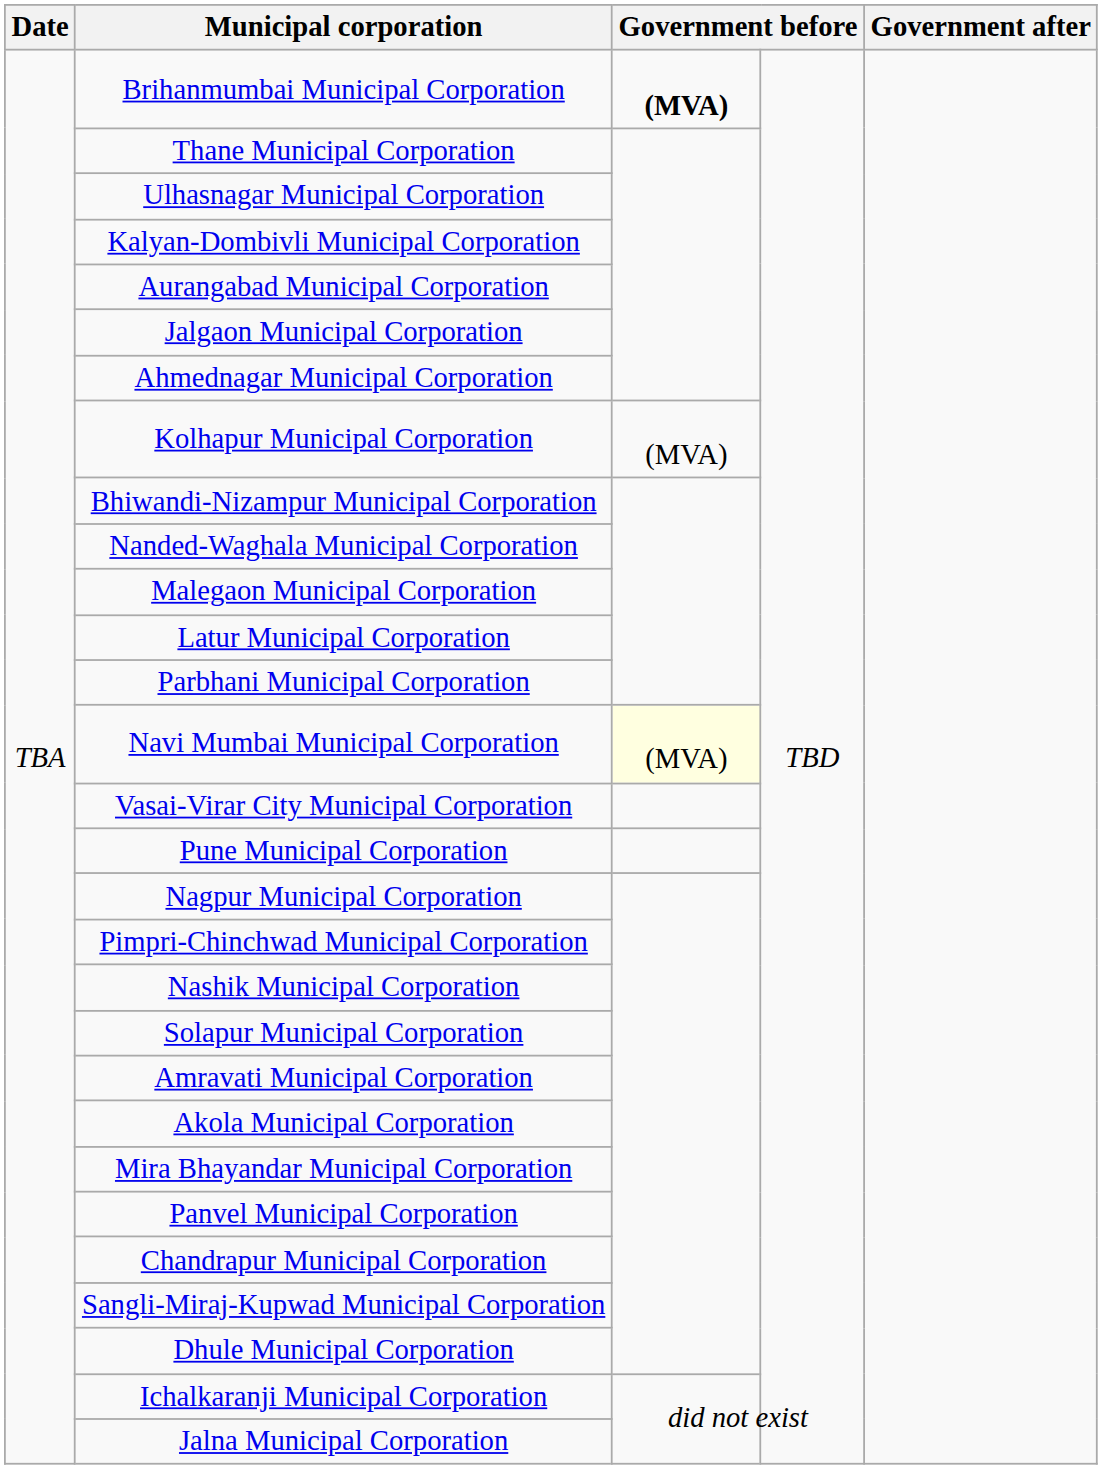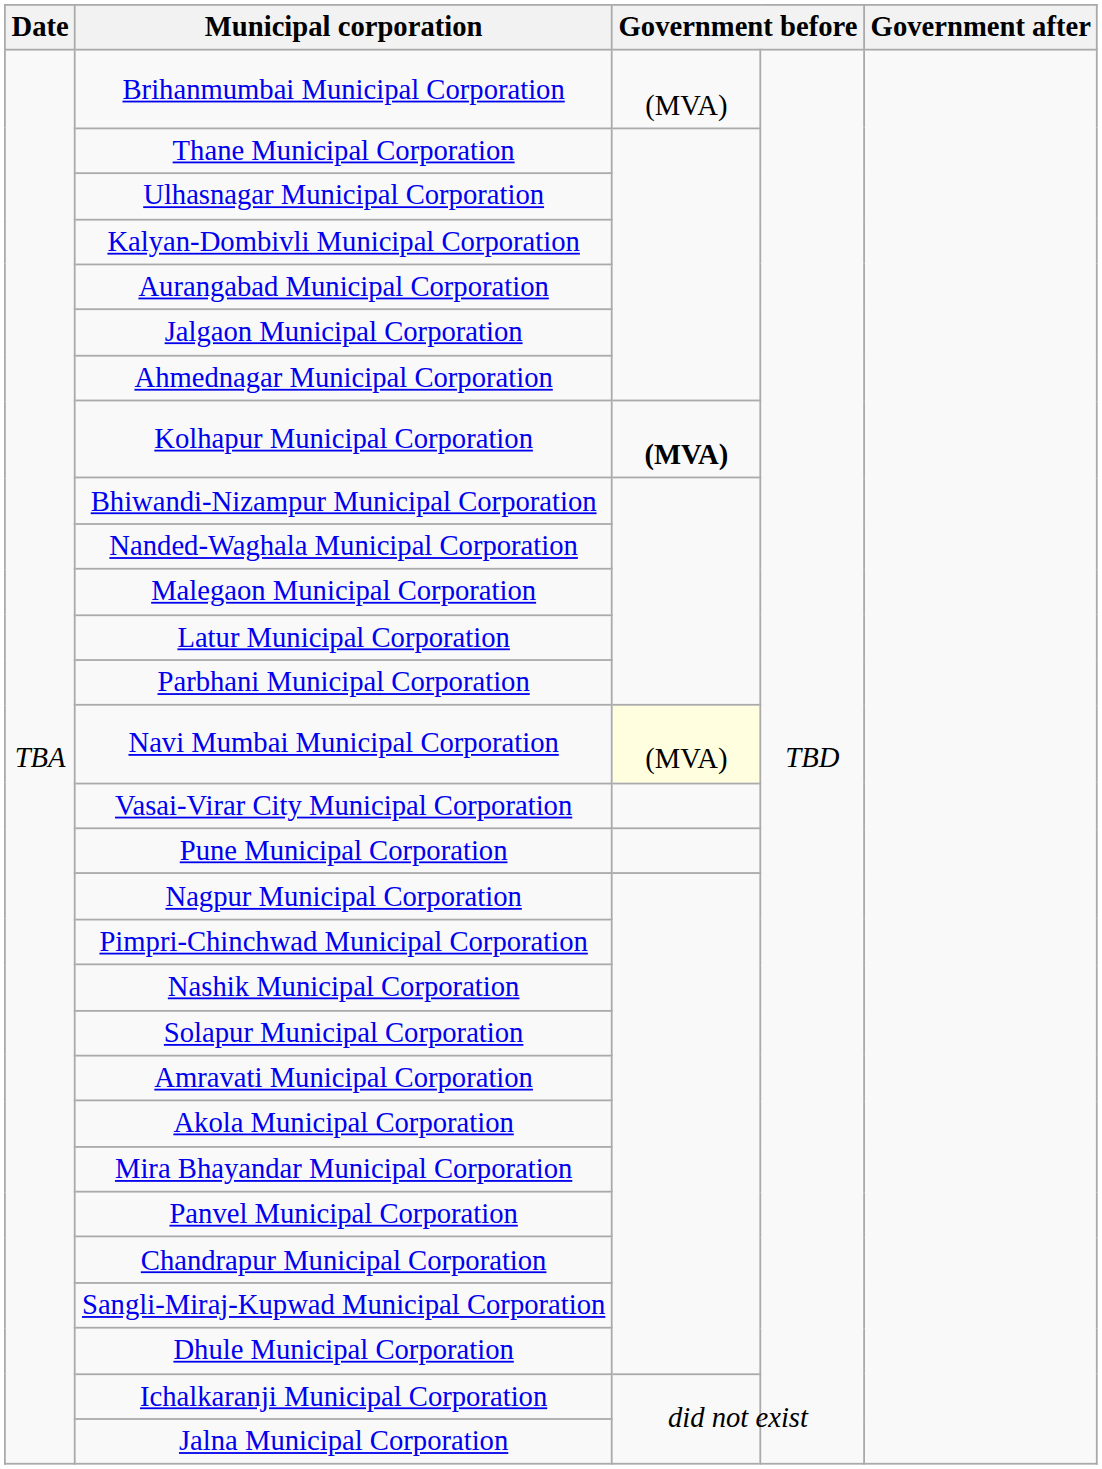 <table class="wikitable sortable"style="text-align:center;">
 <tr>
 <th>Date</th>
 <th>Municipal corporation</th>
 <th colspan=2>Government before</th>
 <th>Government after</th>
 </tr>
 <tr>
 <td rowspan="29"><em>TBA</em></td>
 <td><a href='#'>Brihanmumbai Municipal Corporation</a></td>
-<td><strong><br>(MVA)</strong></td>
+<td><br>(MVA)</td>
 <td rowspan="29"><em>TBD</em></td>
 </tr>
 <tr>
 <td><a href='#'>Thane Municipal Corporation</a></td>
 </tr>
 <tr>
 <td><a href='#'>Ulhasnagar Municipal Corporation</a></td>
 </tr>
 <tr>
 <td><a href='#'>Kalyan-Dombivli Municipal Corporation</a></td>
 </tr>
 <tr>
 <td><a href='#'>Aurangabad Municipal Corporation</a></td>
 </tr>
 <tr>
 <td><a href='#'>Jalgaon Municipal Corporation</a></td>
 </tr>
 <tr>
 <td><a href='#'>Ahmednagar Municipal Corporation</a></td>
 </tr>
 <tr>
 <td><a href='#'>Kolhapur Municipal Corporation</a></td>
-<td><br>(MVA)</td>
+<td><strong><br>(MVA)</strong></td>
 </tr>
 <tr>
 <td><a href='#'>Bhiwandi-Nizampur Municipal Corporation</a></td>
 </tr>
 <tr>
 <td><a href='#'>Nanded-Waghala Municipal Corporation</a></td>
 </tr>
 <tr>
 <td><a href='#'>Malegaon Municipal Corporation</a></td>
 </tr>
 <tr>
 <td><a href='#'>Latur Municipal Corporation</a></td>
 </tr>
 <tr>
 <td><a href='#'>Parbhani Municipal Corporation</a></td>
 </tr>
 <tr>
 <td><a href='#'>Navi Mumbai Municipal Corporation</a></td>
 <td style="background: lightyellow;"><br>(MVA)</td>
 </tr>
 <tr>
 <td><a href='#'>Vasai-Virar City Municipal Corporation</a></td>
 <td></td>
 </tr>
 <tr>
 <td><a href='#'>Pune Municipal Corporation</a></td>
 <td></td>
 </tr>
 <tr>
 <td><a href='#'>Nagpur Municipal Corporation</a></td>
 </tr>
 <tr>
 <td><a href='#'>Pimpri-Chinchwad Municipal Corporation</a></td>
 </tr>
 <tr>
 <td><a href='#'>Nashik Municipal Corporation</a></td>
 </tr>
 <tr>
 <td><a href='#'>Solapur Municipal Corporation</a></td>
 </tr>
 <tr>
 <td><a href='#'>Amravati Municipal Corporation</a></td>
 </tr>
 <tr>
 <td><a href='#'>Akola Municipal Corporation</a></td>
 </tr>
 <tr>
 <td><a href='#'>Mira Bhayandar Municipal Corporation</a></td>
 </tr>
 <tr>
 <td><a href='#'>Panvel Municipal Corporation</a></td>
 </tr>
 <tr>
 <td><a href='#'>Chandrapur Municipal Corporation</a></td>
 </tr>
 <tr>
 <td><a href='#'>Sangli-Miraj-Kupwad Municipal Corporation</a></td>
 </tr>
 <tr>
 <td><a href='#'>Dhule Municipal Corporation</a></td>
 </tr>
 <tr>
 <td><a href='#'>Ichalkaranji Municipal Corporation</a></td>
 <td style="text-align:center;" rowspan=2 colspan=2><em>did not exist</em></td>
 </tr>
 <tr>
 <td><a href='#'>Jalna Municipal Corporation</a></td>
 </tr>
 </table>
